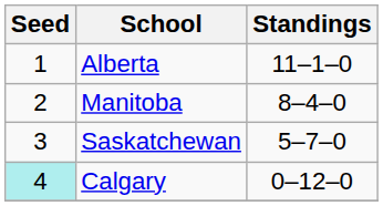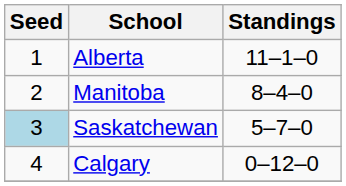 <table class="wikitable">
 <tr>
 <th>Seed</th>
 <th>School</th>
 <th>Standings</th>
 </tr>
 <tr>
 <td align=center>1</td>
 <td><a href='#'>Alberta</a></td>
 <td align=center>11–1–0</td>
 </tr>
 <tr>
 <td align=center>2</td>
 <td><a href='#'>Manitoba</a></td>
 <td align=center>8–4–0</td>
 </tr>
 <tr>
-<td align=center>3</td>
+<td align=center style="background: lightblue;">3</td>
 <td><a href='#'>Saskatchewan</a></td>
 <td align=center>5–7–0</td>
 </tr>
 <tr>
-<td align=center style="background: paleturquoise;">4</td>
+<td align=center>4</td>
 <td><a href='#'>Calgary</a></td>
 <td align=center>0–12–0</td>
 </tr>
 <tr>
 </tr>
 </table>
